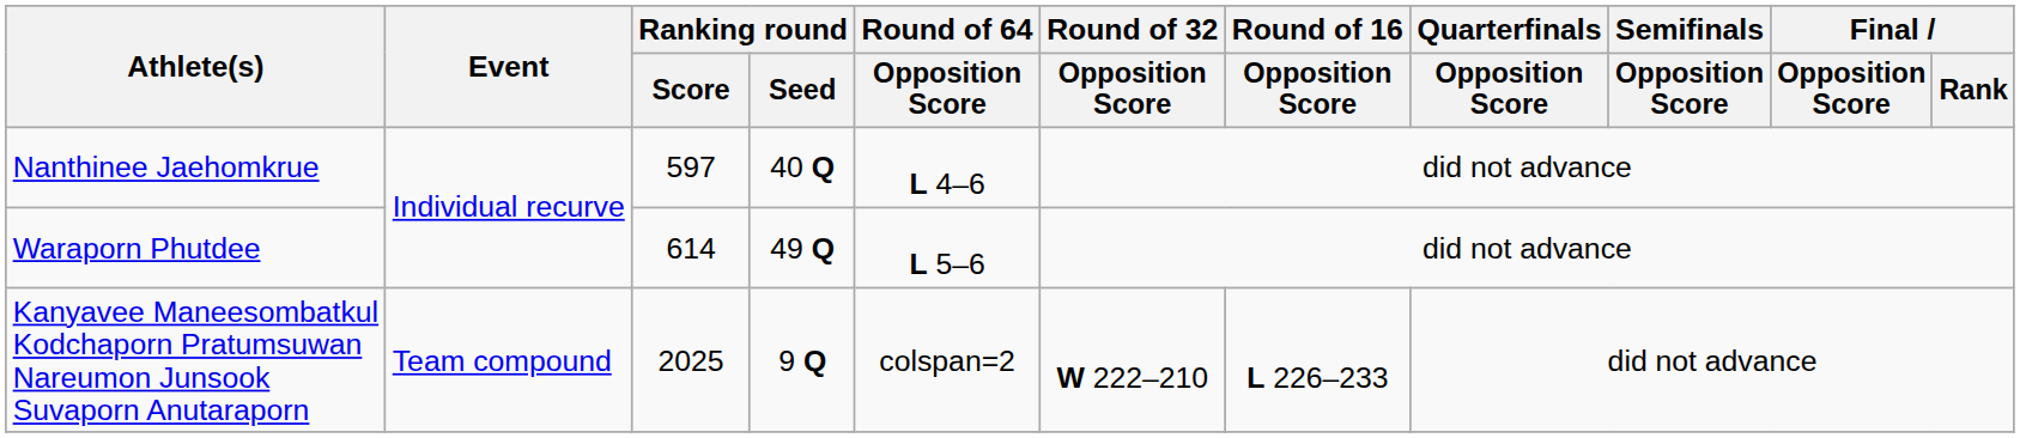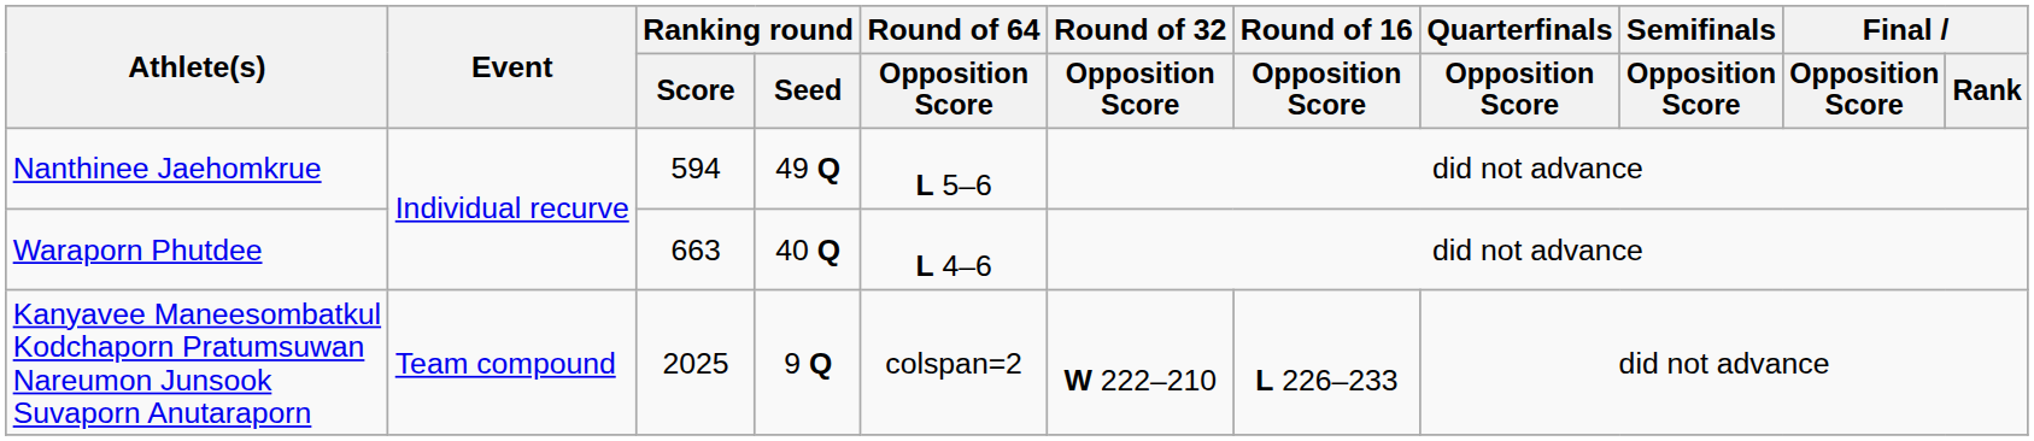 <table class="wikitable" style="font-size:90%">
 <tr>
 <th rowspan=2>Athlete(s)</th>
 <th rowspan=2>Event</th>
 <th colspan="2">Ranking round</th>
 <th>Round of 64</th>
 <th>Round of 32</th>
 <th>Round of 16</th>
 <th>Quarterfinals</th>
 <th>Semifinals</th>
 <th colspan="2">Final / </th>
 </tr>
 <tr style="font-size:95%">
 <th>Score</th>
 <th>Seed</th>
 <th>Opposition<br>Score</th>
 <th>Opposition<br>Score</th>
 <th>Opposition<br>Score</th>
 <th>Opposition<br>Score</th>
 <th>Opposition<br>Score</th>
 <th>Opposition<br>Score</th>
 <th>Rank</th>
 </tr>
 <tr align=center>
 <td align=left><a href='#'>Nanthinee Jaehomkrue</a></td>
 <td align=left rowspan=2><a href='#'>Individual recurve</a></td>
-<td>597</td>
-<td>40 <strong>Q</strong></td>
-<td> <br> <strong>L</strong> 4–6</td>
+<td>594</td>
+<td>49 <strong>Q</strong></td>
+<td> <br> <strong>L</strong> 5–6</td>
 <td colspan=6>did not advance</td>
 </tr>
 <tr align=center>
 <td align=left><a href='#'>Waraporn Phutdee</a></td>
-<td>614</td>
-<td>49 <strong>Q</strong></td>
-<td> <br> <strong>L</strong> 5–6</td>
+<td>663</td>
+<td>40 <strong>Q</strong></td>
+<td> <br> <strong>L</strong> 4–6</td>
 <td colspan=6>did not advance</td>
 </tr>
 <tr align=center>
 <td align=left><a href='#'>Kanyavee Maneesombatkul</a> <br> <a href='#'>Kodchaporn Pratumsuwan</a> <br> <a href='#'>Nareumon Junsook</a> <br> <a href='#'>Suvaporn Anutaraporn</a></td>
 <td align=left><a href='#'>Team compound</a></td>
 <td>2025</td>
 <td>9 <strong>Q</strong></td>
 <td>colspan=2 </td>
 <td> <br> <strong>W</strong> 222–210</td>
 <td> <br> <strong>L</strong> 226–233</td>
 <td colspan=4>did not advance</td>
 </tr>
 </table>
